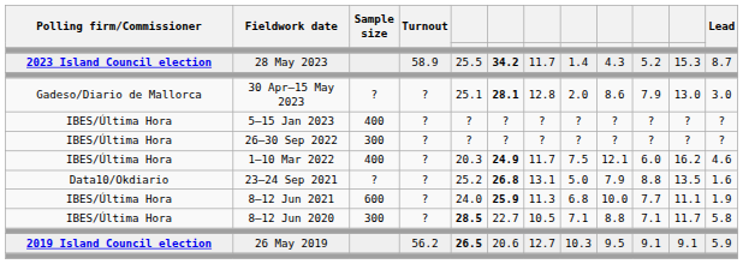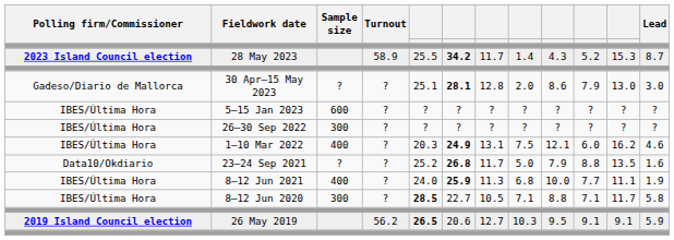 <table class="wikitable collapsible collapsed" style="text-align:center; font-size:95%; line-height:16px;">
 <tr style="height:42px;">
 <th style="width:250px;" rowspan="2">Polling firm/Commissioner</th>
 <th style="width:125px;" rowspan="2">Fieldwork date</th>
 <th style="width:50px;" rowspan="2">Sample size</th>
 <th style="width:45px;" rowspan="2">Turnout</th>
 <th style="width:35px;"></th>
 <th style="width:35px;"></th>
 <th style="width:35px;"></th>
 <th style="width:35px;"></th>
 <th style="width:35px;"></th>
 <th style="width:35px;"></th>
 <th style="width:35px;"></th>
 <th style="width:30px;" rowspan="2">Lead</th>
 </tr>
 <tr>
 <th style="color:inherit;background:"></th>
 <th style="color:inherit;background:"></th>
 <th style="color:inherit;background:"></th>
 <th style="color:inherit;background:"></th>
 <th style="color:inherit;background:"></th>
 <th style="color:inherit;background:"></th>
 <th style="color:inherit;background:"></th>
 </tr>
 <tr>
 <td colspan="12" style="background:#A0A0A0"></td>
 </tr>
 <tr style="background:#EFEFEF;">
 <td><strong><a href='#'>2023 Island Council election</a></strong></td>
 <td>28 May 2023</td>
 <td></td>
 <td>58.9</td>
 <td>25.5<br></td>
 <td><strong>34.2</strong><br></td>
 <td>11.7<br></td>
 <td>1.4<br></td>
 <td>4.3<br></td>
 <td>5.2<br></td>
 <td>15.3<br></td>
 <td style="background:">8.7</td>
 </tr>
 <tr>
 <td colspan="12" style="background:#A0A0A0"></td>
 </tr>
 <tr>
 <td>Gadeso/Diario de Mallorca</td>
 <td>30 Apr–15 May 2023</td>
 <td>?</td>
 <td>?</td>
 <td>25.1<br></td>
 <td><strong>28.1</strong><br></td>
 <td>12.8<br></td>
 <td>2.0<br></td>
 <td>8.6<br></td>
 <td>7.9<br></td>
 <td>13.0<br></td>
 <td style="background:">3.0</td>
 </tr>
 <tr>
 <td>IBES/Última Hora</td>
 <td>5–15 Jan 2023</td>
-<td>400</td>
+<td>600</td>
 <td>?</td>
 <td>?<br></td>
 <td>?<br></td>
 <td>?<br></td>
 <td>?<br></td>
 <td>?<br></td>
 <td>?<br></td>
 <td>?<br></td>
 <td style="background:">?</td>
 </tr>
 <tr>
 <td>IBES/Última Hora</td>
 <td>26–30 Sep 2022</td>
 <td>300</td>
 <td>?</td>
 <td>?<br></td>
 <td>?<br></td>
 <td>?<br></td>
 <td>?<br></td>
 <td>?<br></td>
 <td>?<br></td>
 <td>?<br></td>
 <td style="background:">?</td>
 </tr>
 <tr>
 <td>IBES/Última Hora</td>
 <td>1–10 Mar 2022</td>
 <td>400</td>
 <td>?</td>
 <td>20.3<br></td>
 <td><strong>24.9</strong><br></td>
-<td>11.7<br></td>
+<td>13.1<br></td>
 <td>7.5<br></td>
 <td>12.1<br></td>
 <td>6.0<br></td>
 <td>16.2<br></td>
 <td style="background:">4.6</td>
 </tr>
 <tr>
 <td>Data10/Okdiario</td>
 <td>23–24 Sep 2021</td>
 <td>?</td>
 <td>?</td>
 <td>25.2<br></td>
 <td><strong>26.8</strong><br></td>
-<td>13.1<br></td>
+<td>11.7<br></td>
 <td>5.0<br></td>
 <td>7.9<br></td>
 <td>8.8<br></td>
 <td>13.5<br></td>
 <td style="background:">1.6</td>
 </tr>
 <tr>
 <td>IBES/Última Hora</td>
 <td>8–12 Jun 2021</td>
-<td>600</td>
+<td>400</td>
 <td>?</td>
 <td>24.0<br></td>
 <td><strong>25.9</strong><br></td>
 <td>11.3<br></td>
 <td>6.8<br></td>
 <td>10.0<br></td>
 <td>7.7<br></td>
 <td>11.1<br></td>
 <td style="background:">1.9</td>
 </tr>
 <tr>
 <td>IBES/Última Hora</td>
 <td>8–12 Jun 2020</td>
 <td>300</td>
 <td>?</td>
 <td><strong>28.5</strong><br></td>
 <td>22.7<br></td>
 <td>10.5<br></td>
 <td>7.1<br></td>
 <td>8.8<br></td>
 <td>7.1<br></td>
 <td>11.7<br></td>
 <td style="background:">5.8</td>
 </tr>
 <tr>
 <td colspan="12" style="background:#A0A0A0"></td>
 </tr>
 <tr style="background:#EFEFEF;">
 <td><strong><a href='#'>2019 Island Council election</a></strong></td>
 <td>26 May 2019</td>
 <td></td>
 <td>56.2</td>
 <td><strong>26.5</strong><br></td>
 <td>20.6<br></td>
 <td>12.7<br></td>
 <td>10.3<br></td>
 <td>9.5<br></td>
 <td>9.1<br></td>
 <td>9.1<br></td>
 <td style="background:">5.9</td>
 </tr>
 <tr>
 <td colspan="12" style="background:#A0A0A0"></td>
 </tr>
 </table>
